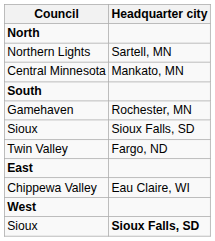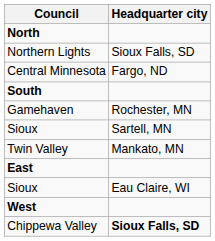 <table class="wikitable">
 <tr>
 <th>Council</th>
 <th>Headquarter city</th>
 </tr>
 <tr>
 <td><strong>North</strong></td>
 <td></td>
 </tr>
 <tr>
 <td>Northern Lights</td>
-<td>Sartell, MN</td>
+<td>Sioux Falls, SD</td>
 </tr>
 <tr>
 <td>Central Minnesota</td>
-<td>Mankato, MN</td>
+<td>Fargo, ND</td>
 </tr>
 <tr>
 <td><strong>South</strong></td>
 <td></td>
 </tr>
 <tr>
 <td>Gamehaven</td>
 <td>Rochester, MN</td>
 </tr>
 <tr>
 <td>Sioux</td>
-<td>Sioux Falls, SD</td>
+<td>Sartell, MN</td>
 </tr>
 <tr>
 <td>Twin Valley</td>
-<td>Fargo, ND</td>
+<td>Mankato, MN</td>
 </tr>
 <tr>
 <td><strong>East</strong></td>
 <td></td>
 </tr>
 <tr>
-<td>Chippewa Valley</td>
+<td>Sioux</td>
 <td>Eau Claire, WI</td>
 </tr>
 <tr>
 <td><strong>West</strong></td>
 <td></td>
 </tr>
 <tr>
-<td>Sioux</td>
+<td>Chippewa Valley</td>
 <td><strong>Sioux Falls, SD</strong></td>
 </tr>
 </table>
